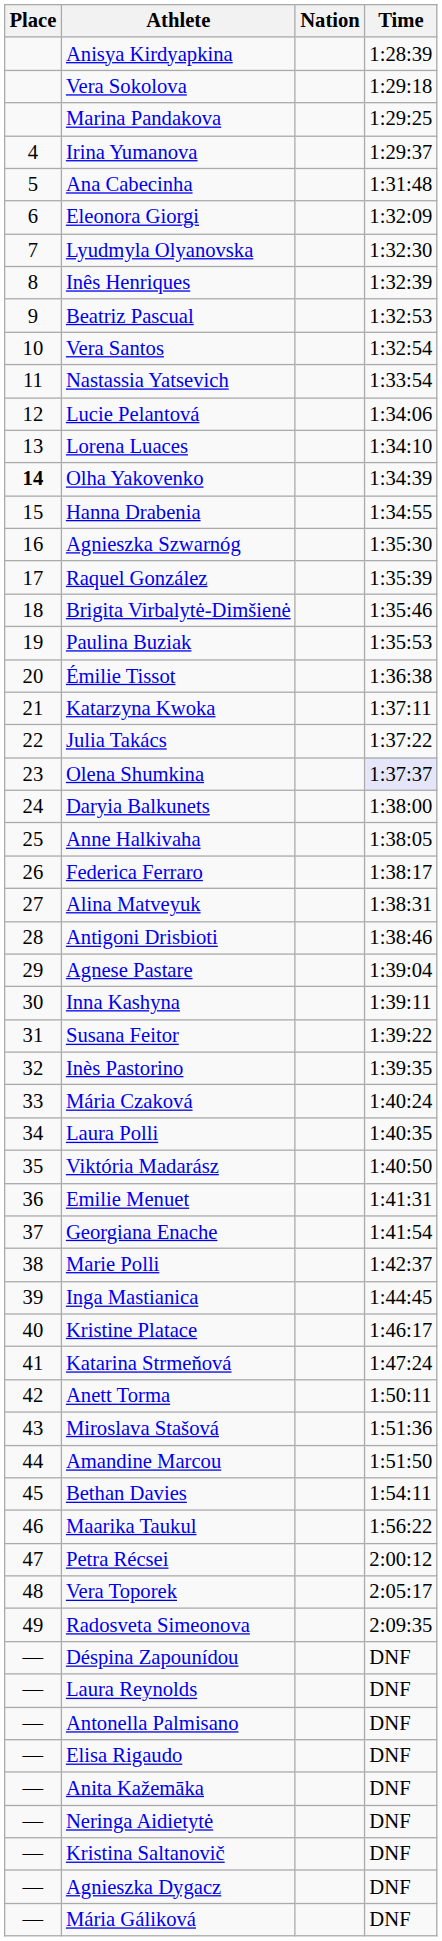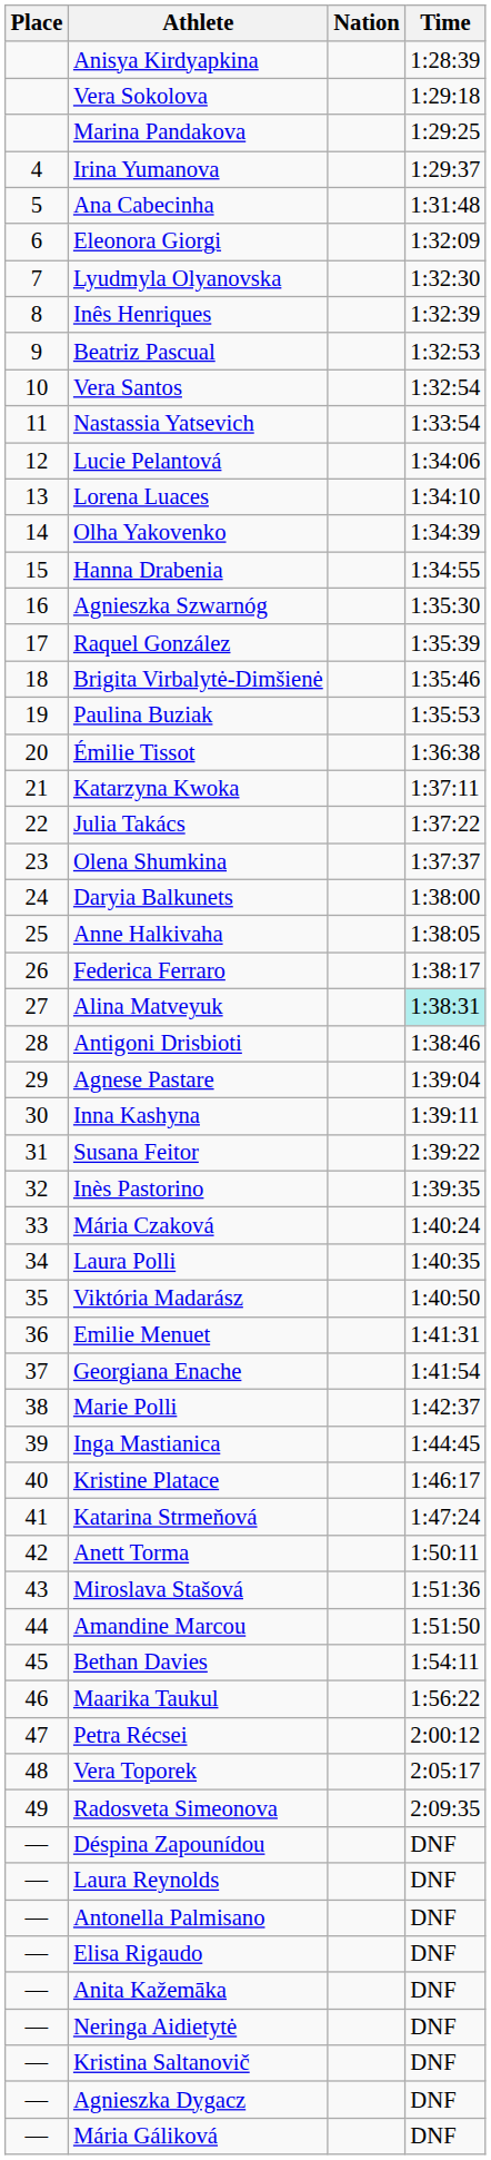 <table class=wikitable>
 <tr>
 <th>Place</th>
 <th>Athlete</th>
 <th>Nation</th>
 <th>Time</th>
 </tr>
 <tr>
 <td align=center></td>
 <td><a href='#'>Anisya Kirdyapkina</a></td>
 <td></td>
 <td>1:28:39</td>
 </tr>
 <tr>
 <td align=center></td>
 <td><a href='#'>Vera Sokolova</a></td>
 <td></td>
 <td>1:29:18</td>
 </tr>
 <tr>
 <td align=center></td>
 <td><a href='#'>Marina Pandakova</a></td>
 <td></td>
 <td>1:29:25</td>
 </tr>
 <tr>
 <td align=center>4</td>
 <td><a href='#'>Irina Yumanova</a></td>
 <td></td>
 <td>1:29:37</td>
 </tr>
 <tr>
 <td align=center>5</td>
 <td><a href='#'>Ana Cabecinha</a></td>
 <td></td>
 <td>1:31:48</td>
 </tr>
 <tr>
 <td align=center>6</td>
 <td><a href='#'>Eleonora Giorgi</a></td>
 <td></td>
 <td>1:32:09</td>
 </tr>
 <tr>
 <td align=center>7</td>
 <td><a href='#'>Lyudmyla Olyanovska</a></td>
 <td></td>
 <td>1:32:30</td>
 </tr>
 <tr>
 <td align=center>8</td>
 <td><a href='#'>Inês Henriques</a></td>
 <td></td>
 <td>1:32:39</td>
 </tr>
 <tr>
 <td align=center>9</td>
 <td><a href='#'>Beatriz Pascual</a></td>
 <td></td>
 <td>1:32:53</td>
 </tr>
 <tr>
 <td align=center>10</td>
 <td><a href='#'>Vera Santos</a></td>
 <td></td>
 <td>1:32:54</td>
 </tr>
 <tr>
 <td align=center>11</td>
 <td><a href='#'>Nastassia Yatsevich</a></td>
 <td></td>
 <td>1:33:54</td>
 </tr>
 <tr>
 <td align=center>12</td>
 <td><a href='#'>Lucie Pelantová</a></td>
 <td></td>
 <td>1:34:06</td>
 </tr>
 <tr>
 <td align=center>13</td>
 <td><a href='#'>Lorena Luaces</a></td>
 <td></td>
 <td>1:34:10</td>
 </tr>
 <tr>
-<td align=center><strong>14</strong></td>
+<td align=center>14</td>
 <td><a href='#'>Olha Yakovenko</a></td>
 <td></td>
 <td>1:34:39</td>
 </tr>
 <tr>
 <td align=center>15</td>
 <td><a href='#'>Hanna Drabenia</a></td>
 <td></td>
 <td>1:34:55</td>
 </tr>
 <tr>
 <td align=center>16</td>
 <td><a href='#'>Agnieszka Szwarnóg</a></td>
 <td></td>
 <td>1:35:30</td>
 </tr>
 <tr>
 <td align=center>17</td>
 <td><a href='#'>Raquel González</a></td>
 <td></td>
 <td>1:35:39</td>
 </tr>
 <tr>
 <td align=center>18</td>
 <td><a href='#'>Brigita Virbalytė-Dimšienė</a></td>
 <td></td>
 <td>1:35:46</td>
 </tr>
 <tr>
 <td align=center>19</td>
 <td><a href='#'>Paulina Buziak</a></td>
 <td></td>
 <td>1:35:53</td>
 </tr>
 <tr>
 <td align=center>20</td>
 <td><a href='#'>Émilie Tissot</a></td>
 <td></td>
 <td>1:36:38</td>
 </tr>
 <tr>
 <td align=center>21</td>
 <td><a href='#'>Katarzyna Kwoka</a></td>
 <td></td>
 <td>1:37:11</td>
 </tr>
 <tr>
 <td align=center>22</td>
 <td><a href='#'>Julia Takács</a></td>
 <td></td>
 <td>1:37:22</td>
 </tr>
 <tr>
 <td align=center>23</td>
 <td><a href='#'>Olena Shumkina</a></td>
 <td></td>
-<td style="background: lavender;">1:37:37</td>
+<td>1:37:37</td>
 </tr>
 <tr>
 <td align=center>24</td>
 <td><a href='#'>Daryia Balkunets</a></td>
 <td></td>
 <td>1:38:00</td>
 </tr>
 <tr>
 <td align=center>25</td>
 <td><a href='#'>Anne Halkivaha</a></td>
 <td></td>
 <td>1:38:05</td>
 </tr>
 <tr>
 <td align=center>26</td>
 <td><a href='#'>Federica Ferraro</a></td>
 <td></td>
 <td>1:38:17</td>
 </tr>
 <tr>
 <td align=center>27</td>
 <td><a href='#'>Alina Matveyuk</a></td>
 <td></td>
-<td>1:38:31</td>
+<td style="background: paleturquoise;">1:38:31</td>
 </tr>
 <tr>
 <td align=center>28</td>
 <td><a href='#'>Antigoni Drisbioti</a></td>
 <td></td>
 <td>1:38:46</td>
 </tr>
 <tr>
 <td align=center>29</td>
 <td><a href='#'>Agnese Pastare</a></td>
 <td></td>
 <td>1:39:04</td>
 </tr>
 <tr>
 <td align=center>30</td>
 <td><a href='#'>Inna Kashyna</a></td>
 <td></td>
 <td>1:39:11</td>
 </tr>
 <tr>
 <td align=center>31</td>
 <td><a href='#'>Susana Feitor</a></td>
 <td></td>
 <td>1:39:22</td>
 </tr>
 <tr>
 <td align=center>32</td>
 <td><a href='#'>Inès Pastorino</a></td>
 <td></td>
 <td>1:39:35</td>
 </tr>
 <tr>
 <td align=center>33</td>
 <td><a href='#'>Mária Czaková</a></td>
 <td></td>
 <td>1:40:24</td>
 </tr>
 <tr>
 <td align=center>34</td>
 <td><a href='#'>Laura Polli</a></td>
 <td></td>
 <td>1:40:35</td>
 </tr>
 <tr>
 <td align=center>35</td>
 <td><a href='#'>Viktória Madarász</a></td>
 <td></td>
 <td>1:40:50</td>
 </tr>
 <tr>
 <td align=center>36</td>
 <td><a href='#'>Emilie Menuet</a></td>
 <td></td>
 <td>1:41:31</td>
 </tr>
 <tr>
 <td align=center>37</td>
 <td><a href='#'>Georgiana Enache</a></td>
 <td></td>
 <td>1:41:54</td>
 </tr>
 <tr>
 <td align=center>38</td>
 <td><a href='#'>Marie Polli</a></td>
 <td></td>
 <td>1:42:37</td>
 </tr>
 <tr>
 <td align=center>39</td>
 <td><a href='#'>Inga Mastianica</a></td>
 <td></td>
 <td>1:44:45</td>
 </tr>
 <tr>
 <td align=center>40</td>
 <td><a href='#'>Kristine Platace</a></td>
 <td></td>
 <td>1:46:17</td>
 </tr>
 <tr>
 <td align=center>41</td>
 <td><a href='#'>Katarina Strmeňová</a></td>
 <td></td>
 <td>1:47:24</td>
 </tr>
 <tr>
 <td align=center>42</td>
 <td><a href='#'>Anett Torma</a></td>
 <td></td>
 <td>1:50:11</td>
 </tr>
 <tr>
 <td align=center>43</td>
 <td><a href='#'>Miroslava Stašová</a></td>
 <td></td>
 <td>1:51:36</td>
 </tr>
 <tr>
 <td align=center>44</td>
 <td><a href='#'>Amandine Marcou</a></td>
 <td></td>
 <td>1:51:50</td>
 </tr>
 <tr>
 <td align=center>45</td>
 <td><a href='#'>Bethan Davies</a></td>
 <td></td>
 <td>1:54:11</td>
 </tr>
 <tr>
 <td align=center>46</td>
 <td><a href='#'>Maarika Taukul</a></td>
 <td></td>
 <td>1:56:22</td>
 </tr>
 <tr>
 <td align=center>47</td>
 <td><a href='#'>Petra Récsei</a></td>
 <td></td>
 <td>2:00:12</td>
 </tr>
 <tr>
 <td align=center>48</td>
 <td><a href='#'>Vera Toporek</a></td>
 <td></td>
 <td>2:05:17</td>
 </tr>
 <tr>
 <td align=center>49</td>
 <td><a href='#'>Radosveta Simeonova</a></td>
 <td></td>
 <td>2:09:35</td>
 </tr>
 <tr>
 <td align=center>—</td>
 <td><a href='#'>Déspina Zapounídou</a></td>
 <td></td>
 <td>DNF</td>
 </tr>
 <tr>
 <td align=center>—</td>
 <td><a href='#'>Laura Reynolds</a></td>
 <td></td>
 <td>DNF</td>
 </tr>
 <tr>
 <td align=center>—</td>
 <td><a href='#'>Antonella Palmisano</a></td>
 <td></td>
 <td>DNF</td>
 </tr>
 <tr>
 <td align=center>—</td>
 <td><a href='#'>Elisa Rigaudo</a></td>
 <td></td>
 <td>DNF</td>
 </tr>
 <tr>
 <td align=center>—</td>
 <td><a href='#'>Anita Kažemāka</a></td>
 <td></td>
 <td>DNF</td>
 </tr>
 <tr>
 <td align=center>—</td>
 <td><a href='#'>Neringa Aidietytė</a></td>
 <td></td>
 <td>DNF</td>
 </tr>
 <tr>
 <td align=center>—</td>
 <td><a href='#'>Kristina Saltanovič</a></td>
 <td></td>
 <td>DNF</td>
 </tr>
 <tr>
 <td align=center>—</td>
 <td><a href='#'>Agnieszka Dygacz</a></td>
 <td></td>
 <td>DNF</td>
 </tr>
 <tr>
 <td align=center>—</td>
 <td><a href='#'>Mária Gáliková</a></td>
 <td></td>
 <td>DNF</td>
 </tr>
 </table>
